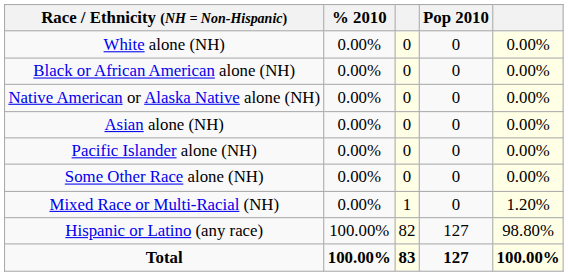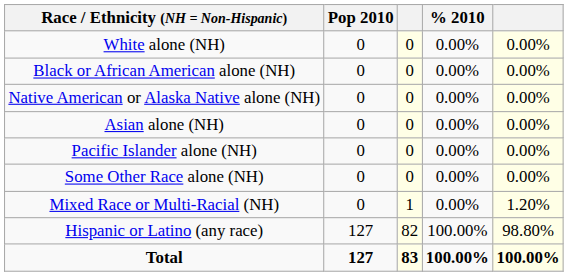 <table class="wikitable" style="text-align:center;">
 <tr>
 <th>Race / Ethnicity <small>(<em>NH = Non-Hispanic</em>)</small></th>
+<th>Pop 2010</th>
+<th></th>
 <th>% 2010</th>
-<th></th>
-<th>Pop 2010</th>
 <th></th>
 </tr>
 <tr>
 <td><a href='#'>White</a> alone (NH)</td>
+<td>0</td>
+<td style='background: #ffffe6;'>0</td>
 <td>0.00%</td>
-<td style='background: #ffffe6;'>0</td>
-<td>0</td>
 <td style='background: #ffffe6;'>0.00%</td>
 </tr>
 <tr>
 <td><a href='#'>Black or African American</a> alone (NH)</td>
+<td>0</td>
+<td style='background: #ffffe6;'>0</td>
 <td>0.00%</td>
-<td style='background: #ffffe6;'>0</td>
-<td>0</td>
 <td style='background: #ffffe6;'>0.00%</td>
 </tr>
 <tr>
 <td><a href='#'>Native American</a> or <a href='#'>Alaska Native</a> alone (NH)</td>
+<td>0</td>
+<td style='background: #ffffe6;'>0</td>
 <td>0.00%</td>
-<td style='background: #ffffe6;'>0</td>
-<td>0</td>
 <td style='background: #ffffe6;'>0.00%</td>
 </tr>
 <tr>
 <td><a href='#'>Asian</a> alone (NH)</td>
+<td>0</td>
+<td style='background: #ffffe6;'>0</td>
 <td>0.00%</td>
-<td style='background: #ffffe6;'>0</td>
-<td>0</td>
 <td style='background: #ffffe6;'>0.00%</td>
 </tr>
 <tr>
 <td><a href='#'>Pacific Islander</a> alone (NH)</td>
+<td>0</td>
+<td style='background: #ffffe6;'>0</td>
 <td>0.00%</td>
-<td style='background: #ffffe6;'>0</td>
-<td>0</td>
 <td style='background: #ffffe6;'>0.00%</td>
 </tr>
 <tr>
 <td><a href='#'>Some Other Race</a> alone (NH)</td>
+<td>0</td>
+<td style='background: #ffffe6;'>0</td>
 <td>0.00%</td>
-<td style='background: #ffffe6;'>0</td>
-<td>0</td>
 <td style='background: #ffffe6;'>0.00%</td>
 </tr>
 <tr>
 <td><a href='#'>Mixed Race or Multi-Racial</a> (NH)</td>
+<td>0</td>
+<td style='background: #ffffe6;'>1</td>
 <td>0.00%</td>
-<td style='background: #ffffe6;'>1</td>
-<td>0</td>
 <td style='background: #ffffe6;'>1.20%</td>
 </tr>
 <tr>
 <td><a href='#'>Hispanic or Latino</a> (any race)</td>
+<td>127</td>
+<td style='background: #ffffe6;'>82</td>
 <td>100.00%</td>
-<td style='background: #ffffe6;'>82</td>
-<td>127</td>
 <td style='background: #ffffe6;'>98.80%</td>
 </tr>
 <tr>
 <td><strong>Total</strong></td>
+<td><strong>127</strong></td>
+<td style='background: #ffffe6;'><strong>83</strong></td>
 <td><strong>100.00%</strong></td>
-<td style='background: #ffffe6;'><strong>83</strong></td>
-<td><strong>127</strong></td>
 <td style='background: #ffffe6;'><strong>100.00%</strong></td>
 </tr>
 </table>
